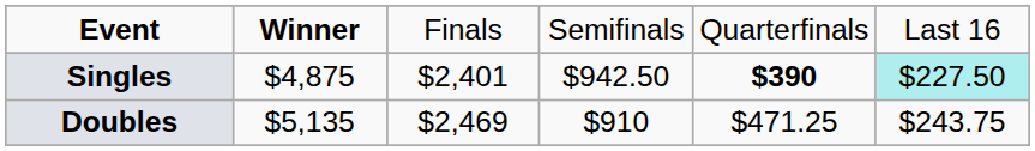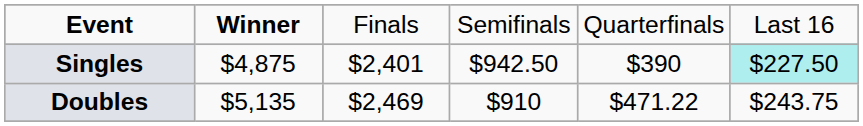 <table class=wikitable style="font-size:90%;text-align:center">
 <tr>
 <td style="width:104px;"><strong>Event</strong></td>
 <td style="width:68px;"><strong>Winner</strong></td>
 <td style="width:68px;">Finals</td>
 <td style="width:68px;">Semifinals</td>
 <td style="width:68px;">Quarterfinals</td>
 <td style="width:68px;">Last 16</td>
 </tr>
 <tr>
 <td style="background:#dfe2e9;"><strong>Singles</strong></td>
 <td>$4,875</td>
 <td>$2,401</td>
 <td>$942.50</td>
-<td><strong>$390</strong></td>
+<td>$390</td>
 <td style="background: paleturquoise;">$227.50</td>
 </tr>
 <tr>
 <td style="background:#dfe2e9;"><strong>Doubles</strong></td>
 <td>$5,135</td>
 <td>$2,469</td>
 <td>$910</td>
-<td>$471.25</td>
+<td>$471.22</td>
 <td>$243.75</td>
 </tr>
 </table>
